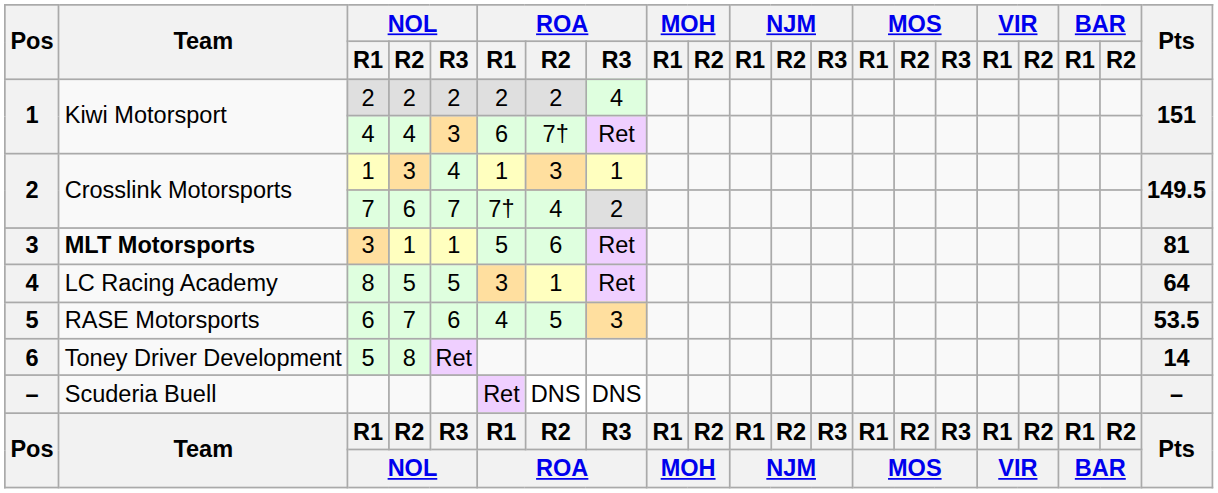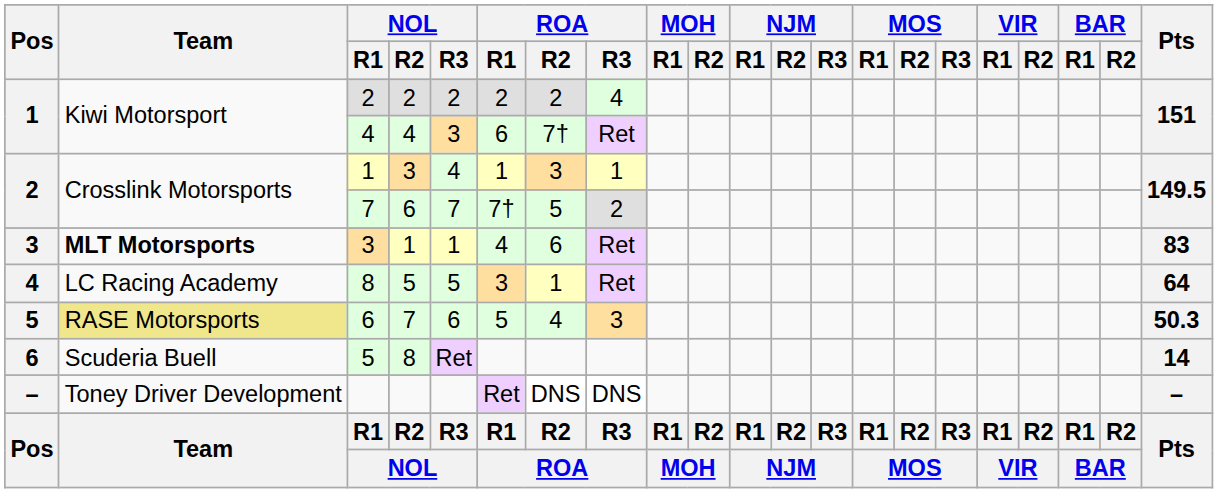 <table class="wikitable" style="font-size: 85%;  text-align:center">
 <tr>
 <th rowspan="2">Pos</th>
 <th rowspan="2">Team</th>
 <th colspan="3"><a href='#'>NOL</a><br></th>
 <th colspan="3"><a href='#'>ROA</a><br></th>
 <th colspan="2"><a href='#'>MOH</a><br></th>
 <th colspan="3"><a href='#'>NJM</a><br></th>
 <th colspan="3"><a href='#'>MOS</a><br></th>
 <th colspan="2"><a href='#'>VIR</a><br></th>
 <th colspan="2"><a href='#'>BAR</a><br></th>
 <th rowspan="2">Pts</th>
 </tr>
 <tr>
 <th>R1</th>
 <th>R2</th>
 <th>R3</th>
 <th>R1</th>
 <th>R2</th>
 <th>R3</th>
 <th>R1</th>
 <th>R2</th>
 <th>R1</th>
 <th>R2</th>
 <th>R3</th>
 <th>R1</th>
 <th>R2</th>
 <th>R3</th>
 <th>R1</th>
 <th>R2</th>
 <th>R1</th>
 <th>R2</th>
 </tr>
 <tr>
 <th rowspan="2">1</th>
 <td rowspan="2" style="text-align:left"> Kiwi Motorsport</td>
 <td style="background:#DFDFDF">2</td>
 <td style="background:#DFDFDF">2</td>
 <td style="background:#DFDFDF">2</td>
 <td style="background:#DFDFDF">2</td>
 <td style="background:#DFDFDF">2</td>
 <td style="background:#DFFFDF">4</td>
 <td></td>
 <td></td>
 <td></td>
 <td></td>
 <td></td>
 <td></td>
 <td></td>
 <td></td>
 <td></td>
 <td></td>
 <td></td>
 <td></td>
 <th rowspan="2">151</th>
 </tr>
 <tr>
 <td style="background:#DFFFDF">4</td>
 <td style="background:#DFFFDF">4</td>
 <td style="background:#FFDF9F">3</td>
 <td style="background:#DFFFDF">6</td>
 <td style="background:#DFFFDF">7†</td>
 <td style="background:#EFCFFF">Ret</td>
 <td></td>
 <td></td>
 <td></td>
 <td></td>
 <td></td>
 <td></td>
 <td></td>
 <td></td>
 <td></td>
 <td></td>
 <td></td>
 <td></td>
 </tr>
 <tr>
 <th rowspan="2">2</th>
 <td rowspan="2" style="text-align:left"> Crosslink Motorsports</td>
 <td style="background:#FFFFBF">1</td>
 <td style="background:#FFDF9F">3</td>
 <td style="background:#DFFFDF">4</td>
 <td style="background:#FFFFBF">1</td>
 <td style="background:#FFDF9F">3</td>
 <td style="background:#FFFFBF">1</td>
 <td></td>
 <td></td>
 <td></td>
 <td></td>
 <td></td>
 <td></td>
 <td></td>
 <td></td>
 <td></td>
 <td></td>
 <td></td>
 <td></td>
 <th rowspan="2">149.5</th>
 </tr>
 <tr>
 <td style="background:#DFFFDF">7</td>
 <td style="background:#DFFFDF">6</td>
 <td style="background:#DFFFDF">7</td>
 <td style="background:#DFFFDF">7†</td>
-<td style="background:#DFFFDF">4</td>
+<td style="background:#DFFFDF">5</td>
 <td style="background:#DFDFDF">2</td>
 <td></td>
 <td></td>
 <td></td>
 <td></td>
 <td></td>
 <td></td>
 <td></td>
 <td></td>
 <td></td>
 <td></td>
 <td></td>
 <td></td>
 </tr>
 <tr>
 <th>3</th>
 <td style="text-align:left"><strong> MLT Motorsports</strong></td>
 <td style="background:#FFDF9F">3</td>
 <td style="background:#FFFFBF">1</td>
 <td style="background:#FFFFBF">1</td>
-<td style="background:#DFFFDF">5</td>
+<td style="background:#DFFFDF">4</td>
 <td style="background:#DFFFDF">6</td>
 <td style="background:#EFCFFF">Ret</td>
 <td></td>
 <td></td>
 <td></td>
 <td></td>
 <td></td>
 <td></td>
 <td></td>
 <td></td>
 <td></td>
 <td></td>
 <td></td>
 <td></td>
-<th>81</th>
+<th>83</th>
 </tr>
 <tr>
 <th>4</th>
 <td style="text-align:left"> LC Racing Academy</td>
 <td style="background:#DFFFDF">8</td>
 <td style="background:#DFFFDF">5</td>
 <td style="background:#DFFFDF">5</td>
 <td style="background:#FFDF9F">3</td>
 <td style="background:#FFFFBF">1</td>
 <td style="background:#EFCFFF">Ret</td>
 <td></td>
 <td></td>
 <td></td>
 <td></td>
 <td></td>
 <td></td>
 <td></td>
 <td></td>
 <td></td>
 <td></td>
 <td></td>
 <td></td>
 <th>64</th>
 </tr>
 <tr>
 <th>5</th>
-<td style="text-align:left"> RASE Motorsports</td>
+<td style="background: khaki; text-align:left"> RASE Motorsports</td>
 <td style="background:#DFFFDF">6</td>
 <td style="background:#DFFFDF">7</td>
 <td style="background:#DFFFDF">6</td>
+<td style="background:#DFFFDF">5</td>
 <td style="background:#DFFFDF">4</td>
-<td style="background:#DFFFDF">5</td>
 <td style="background:#FFDF9F">3</td>
 <td></td>
 <td></td>
 <td></td>
 <td></td>
 <td></td>
 <td></td>
 <td></td>
 <td></td>
 <td></td>
 <td></td>
 <td></td>
 <td></td>
-<th>53.5</th>
+<th>50.3</th>
 </tr>
 <tr>
 <th>6</th>
-<td style="text-align: left;"> Toney Driver Development</td>
+<td style="text-align:left"> Scuderia Buell</td>
 <td style="background:#DFFFDF">5</td>
 <td style="background:#DFFFDF">8</td>
 <td style="background:#EFCFFF">Ret</td>
 <td></td>
 <td></td>
 <td></td>
 <td></td>
 <td></td>
 <td></td>
 <td></td>
 <td></td>
 <td></td>
 <td></td>
 <td></td>
 <td></td>
 <td></td>
 <td></td>
 <td></td>
 <th>14</th>
 </tr>
 <tr>
 <th>–</th>
-<td style="text-align:left"> Scuderia Buell</td>
+<td style="text-align: left;"> Toney Driver Development</td>
 <td></td>
 <td></td>
 <td></td>
 <td style="background:#EFCFFF">Ret</td>
 <td style="background:#FFFFFF">DNS</td>
 <td style="background:#FFFFFF">DNS</td>
 <td></td>
 <td></td>
 <td></td>
 <td></td>
 <td></td>
 <td></td>
 <td></td>
 <td></td>
 <td></td>
 <td></td>
 <td></td>
 <td></td>
 <th>–</th>
 </tr>
 <tr>
 <th rowspan="2">Pos</th>
 <th rowspan="2">Team</th>
 <th>R1</th>
 <th>R2</th>
 <th>R3</th>
 <th>R1</th>
 <th>R2</th>
 <th>R3</th>
 <th>R1</th>
 <th>R2</th>
 <th>R1</th>
 <th>R2</th>
 <th>R3</th>
 <th>R1</th>
 <th>R2</th>
 <th>R3</th>
 <th>R1</th>
 <th>R2</th>
 <th>R1</th>
 <th>R2</th>
 <th rowspan="2">Pts</th>
 </tr>
 <tr>
 <th colspan="3"><a href='#'>NOL</a><br></th>
 <th colspan="3"><a href='#'>ROA</a><br></th>
 <th colspan="2"><a href='#'>MOH</a><br></th>
 <th colspan="3"><a href='#'>NJM</a><br></th>
 <th colspan="3"><a href='#'>MOS</a><br></th>
 <th colspan="2"><a href='#'>VIR</a><br></th>
 <th colspan="2"><a href='#'>BAR</a><br></th>
 </tr>
 </table>
